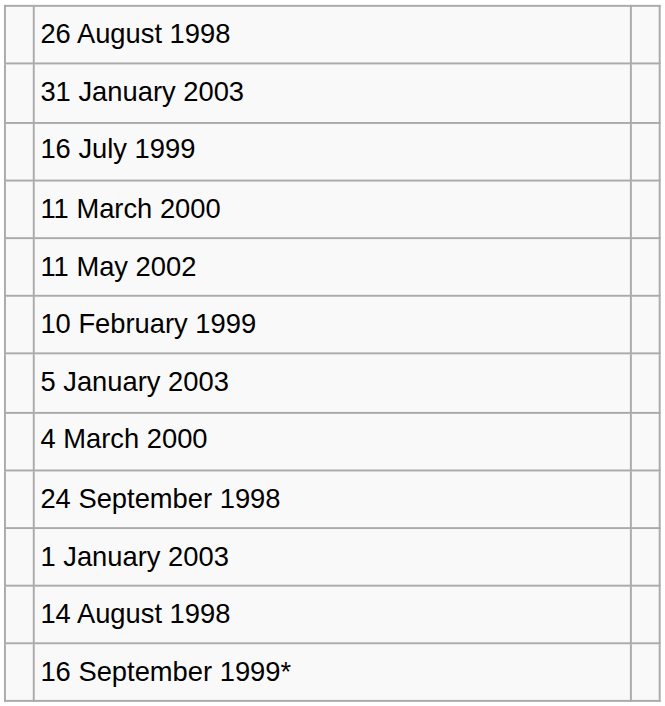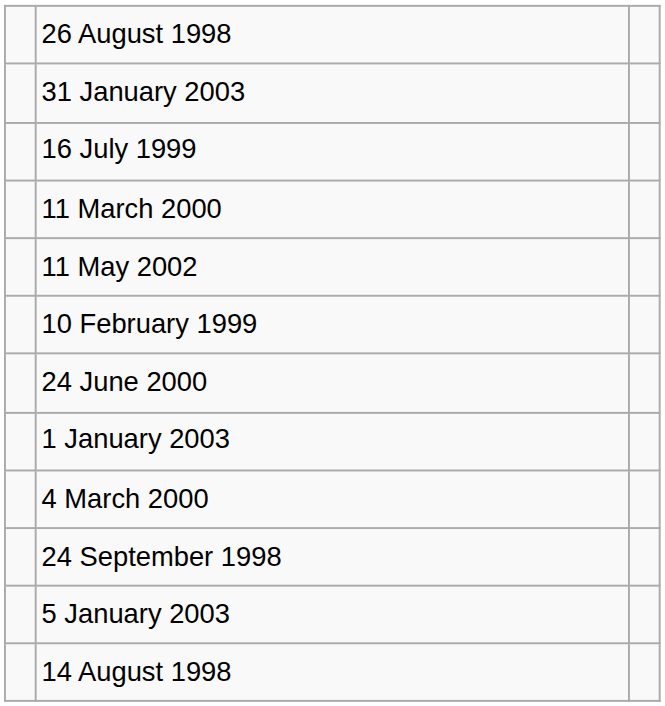 <table class="wikitable" style="font-size: 89%; float: left; width: 24em; margin-right: 1em; line-height: 1.65em !important;">
 <tr>
 <td></td>
 <td>26 August 1998</td>
 <td></td>
 </tr>
 <tr>
 <td></td>
 <td>31 January 2003</td>
 <td></td>
 </tr>
 <tr>
 <td></td>
 <td>16 July 1999</td>
 <td></td>
 </tr>
 <tr>
 <td></td>
 <td>11 March 2000</td>
 <td></td>
 </tr>
 <tr>
 <td></td>
 <td>11 May 2002</td>
 <td></td>
 </tr>
 <tr>
 <td></td>
 <td>10 February 1999</td>
 <td></td>
 </tr>
 <tr>
 <td></td>
-<td>5 January 2003</td>
+<td>24 June 2000</td>
+<td></td>
+</tr>
+<tr>
+<td></td>
+<td>1 January 2003</td>
 <td></td>
 </tr>
 <tr>
 <td></td>
 <td>4 March 2000</td>
 <td></td>
 </tr>
 <tr>
 <td></td>
 <td>24 September 1998</td>
 <td></td>
 </tr>
 <tr>
 <td></td>
-<td>1 January 2003</td>
+<td>5 January 2003</td>
 <td></td>
 </tr>
 <tr>
 <td></td>
 <td>14 August 1998</td>
 <td></td>
 </tr>
-<tr>
-<td></td>
-<td>16 September 1999*</td>
-<td></td>
-</tr>
 </table>
